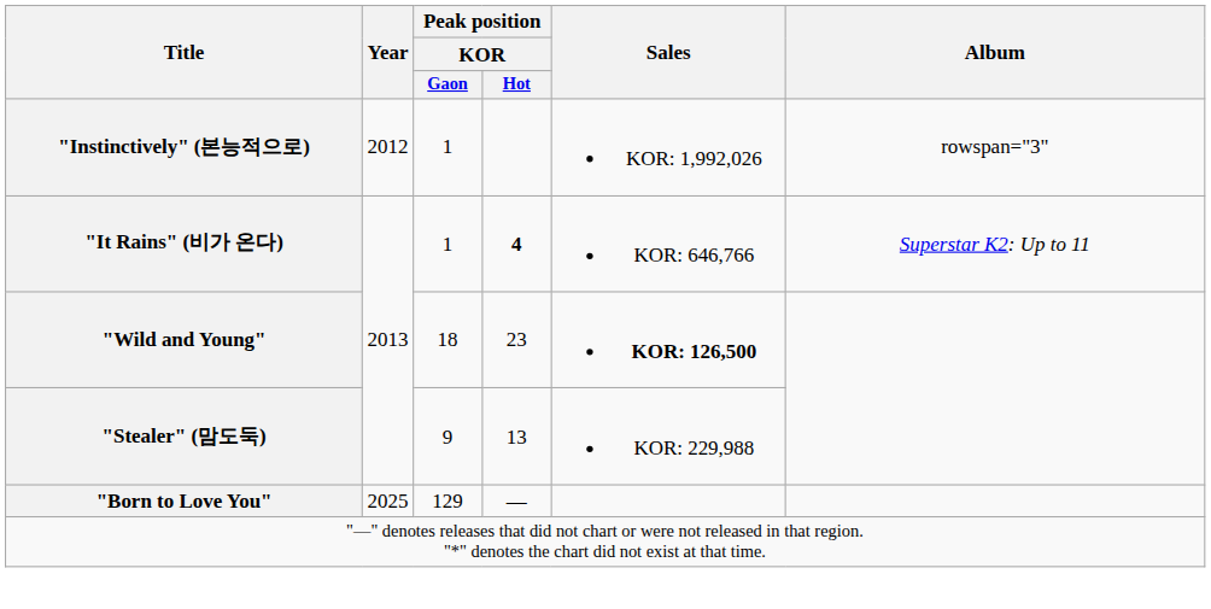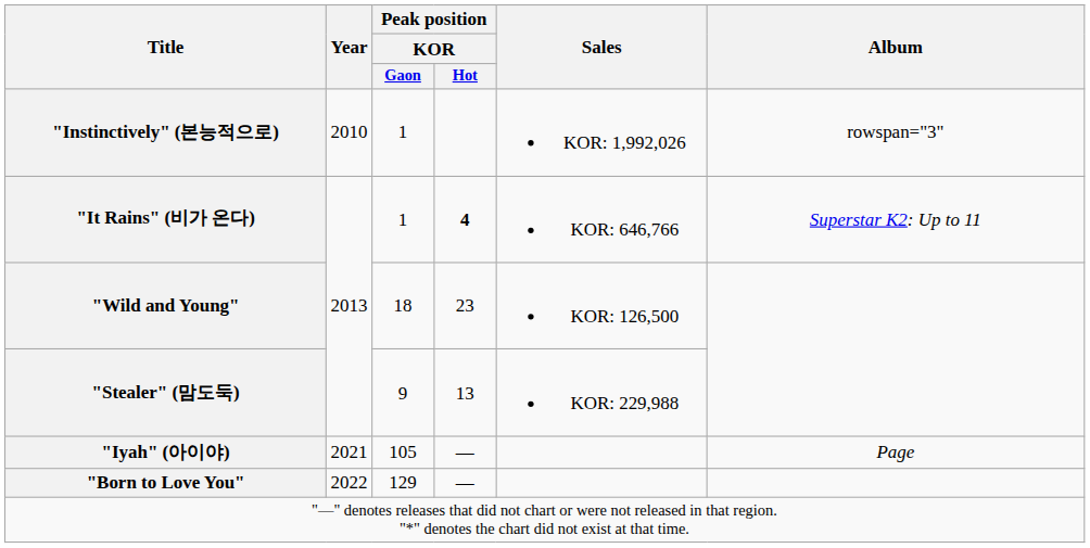 <table class="wikitable plainrowheaders" style="text-align:center;">
 <tr>
 <th scope="col" rowspan="3" style="width:17em;">Title</th>
 <th scope="col" rowspan="3">Year</th>
 <th scope="col" colspan="2">Peak position</th>
 <th scope="col" rowspan="3" style="width:11em;">Sales</th>
 <th scope="col" rowspan="3" style="width:20em;">Album</th>
 </tr>
 <tr>
 <th scope="col" colspan="2">KOR</th>
 </tr>
 <tr>
 <th scope="col" style="width:3.5em;font-size:85%;"><a href='#'>Gaon</a><br></th>
 <th scope="col" style="width:3.5em;font-size:85%;"><a href='#'>Hot</a><br></th>
 </tr>
 <tr>
 <th scope="row">"Instinctively" (본능적으로)</th>
-<td>2012</td>
+<td>2010</td>
 <td>1</td>
 <td></td>
 <td><br><ul><li>KOR: 1,992,026</li></ul></td>
 <td>rowspan="3" </td>
 </tr>
 <tr>
 <th scope="row">"It Rains" (비가 온다)</th>
 <td rowspan="3">2013</td>
 <td>1</td>
 <td><strong>4</strong></td>
 <td><br><ul><li>KOR: 646,766</li></ul></td>
 <td><em><a href='#'>Superstar K2</a>: Up to 11</em></td>
 </tr>
 <tr>
 <th scope="row">"Wild and Young"</th>
 <td>18</td>
 <td>23</td>
-<td><strong><br><ul><li>KOR: 126,500</li></ul></strong></td>
+<td><br><ul><li>KOR: 126,500</li></ul></td>
 </tr>
 <tr>
 <th scope="row">"Stealer" (맘도둑)</th>
 <td>9</td>
 <td>13</td>
 <td><br><ul><li>KOR: 229,988</li></ul></td>
 </tr>
 <tr>
+<th scope="row">"Iyah" (아이야)</th>
+<td>2021</td>
+<td>105</td>
+<td>—</td>
+<td></td>
+<td><em>Page</em></td>
+</tr>
+<tr>
 <th scope="row">"Born to Love You"</th>
-<td>2025</td>
+<td>2022</td>
 <td>129</td>
 <td>—</td>
 <td></td>
 <td></td>
 </tr>
 <tr>
 <td colspan="6" style="font-size:85%">"—" denotes releases that did not chart or were not released in that region.<br>"*" denotes the chart did not exist at that time.</td>
 </tr>
 </table>
